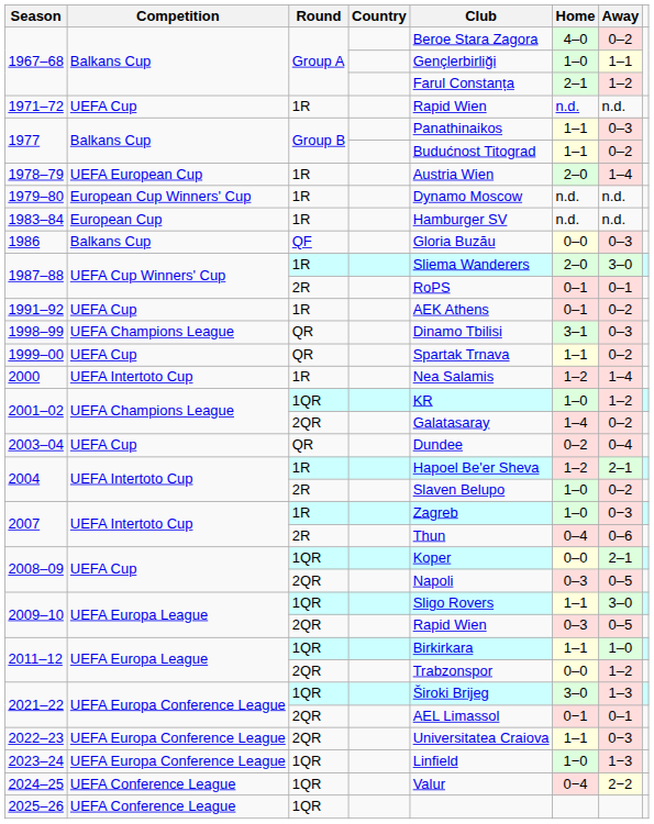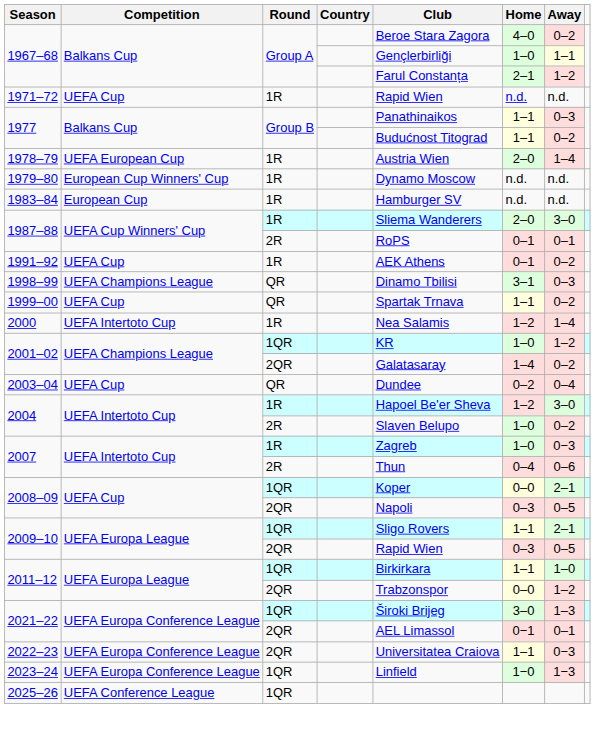 <table class="wikitable">
 <tr>
 <th>Season</th>
 <th>Competition</th>
 <th>Round</th>
 <th>Country</th>
 <th>Club</th>
 <th>Home</th>
 <th>Away</th>
 </tr>
 <tr>
 <td Rowspan=3><a href='#'>1967–68</a></td>
 <td Rowspan=3><a href='#'>Balkans Cup</a></td>
 <td Rowspan=3><a href='#'>Group A</a></td>
 <td></td>
 <td><a href='#'>Beroe Stara Zagora</a></td>
 <td style="text-align:center; background:#dfd;">4–0</td>
 <td style="text-align:center; background:#fdd;">0–2</td>
 <td rowspan=3 style="text-align:center;"> </td>
 </tr>
 <tr>
 <td></td>
 <td><a href='#'>Gençlerbirliği</a></td>
 <td style="text-align:center; background:#dfd;">1–0</td>
 <td style="text-align:center; background:#ffd;">1–1</td>
 </tr>
 <tr>
 <td></td>
 <td><a href='#'>Farul Constanța</a></td>
 <td style="text-align:center; background:#dfd;">2–1</td>
 <td style="text-align:center; background:#fdd;">1–2</td>
 </tr>
 <tr>
 <td><a href='#'>1971–72</a></td>
 <td><a href='#'>UEFA Cup</a></td>
 <td>1R</td>
 <td></td>
 <td><a href='#'>Rapid Wien</a></td>
 <td><a href='#'>n.d.</a></td>
 <td>n.d.</td>
 <td style="text-align:center;"></td>
 </tr>
 <tr>
 <td Rowspan=2><a href='#'>1977</a></td>
 <td Rowspan=2><a href='#'>Balkans Cup</a></td>
 <td Rowspan=2><a href='#'>Group B</a></td>
 <td></td>
 <td><a href='#'>Panathinaikos</a></td>
 <td style="text-align:center; background:#ffd;">1–1</td>
 <td style="text-align:center; background:#fdd;">0–3</td>
 <td rowspan=2 style="text-align:center;"> </td>
 </tr>
 <tr>
 <td></td>
 <td><a href='#'>Budućnost Titograd</a></td>
 <td style="text-align:center; background:#ffd;">1–1</td>
 <td style="text-align:center; background:#fdd;">0–2</td>
 </tr>
 <tr>
 <td><a href='#'>1978–79</a></td>
 <td><a href='#'>UEFA European Cup</a></td>
 <td>1R</td>
 <td></td>
 <td><a href='#'>Austria Wien</a></td>
 <td style="text-align:center; background:#dfd;">2–0</td>
 <td style="text-align:center; background:#fdd;">1–4</td>
 <td style="text-align:center;"></td>
 </tr>
 <tr>
 <td><a href='#'>1979–80</a></td>
 <td><a href='#'>European Cup Winners' Cup</a></td>
 <td>1R</td>
 <td></td>
 <td><a href='#'>Dynamo Moscow</a></td>
 <td>n.d.</td>
 <td>n.d.</td>
 <td style="text-align:center;"></td>
 </tr>
 <tr>
 <td><a href='#'>1983–84</a></td>
 <td><a href='#'>European Cup</a></td>
 <td>1R</td>
 <td></td>
 <td><a href='#'>Hamburger SV</a></td>
 <td>n.d.</td>
 <td>n.d.</td>
-<td style="text-align:center;"></td>
-</tr>
-<tr>
-<td><a href='#'>1986</a></td>
-<td><a href='#'>Balkans Cup</a></td>
-<td><a href='#'>QF</a></td>
-<td></td>
-<td><a href='#'>Gloria Buzău</a></td>
-<td style="text-align:center; background:#ffd;">0–0</td>
-<td style="text-align:center; background:#fdd;">0–3</td>
 <td style="text-align:center;"></td>
 </tr>
 <tr>
 <td Rowspan=2><a href='#'>1987–88</a></td>
 <td Rowspan=2><a href='#'>UEFA Cup Winners' Cup</a></td>
 <td style="background:#cff;">1R</td>
 <td style="background:#cff;"></td>
 <td style="background:#cff;"><a href='#'>Sliema Wanderers</a></td>
 <td style="text-align:center; background:#dfd;">2–0</td>
 <td style="text-align:center; background:#dfd;">3–0</td>
 <td style="background:#cff; text-align:center;"></td>
 </tr>
 <tr>
 <td>2R</td>
 <td></td>
 <td><a href='#'>RoPS</a></td>
 <td style="text-align:center; background:#fdd;">0–1</td>
 <td style="text-align:center; background:#fdd;">0–1</td>
 <td style="text-align:center;"></td>
 </tr>
 <tr>
 <td><a href='#'>1991–92</a></td>
 <td><a href='#'>UEFA Cup</a></td>
 <td>1R</td>
 <td></td>
 <td><a href='#'>AEK Athens</a></td>
 <td style="text-align:center; background:#fdd;">0–1</td>
 <td style="text-align:center; background:#fdd;">0–2</td>
 <td style="text-align:center;"></td>
 </tr>
 <tr>
 <td><a href='#'>1998–99</a></td>
 <td><a href='#'>UEFA Champions League</a></td>
 <td>QR</td>
 <td></td>
 <td><a href='#'>Dinamo Tbilisi</a></td>
 <td style="text-align:center; background:#dfd;">3–1</td>
 <td style="text-align:center; background:#fdd;">0–3</td>
 <td style="text-align:center;"></td>
 </tr>
 <tr>
 <td><a href='#'>1999–00</a></td>
 <td><a href='#'>UEFA Cup</a></td>
 <td>QR</td>
 <td></td>
 <td><a href='#'>Spartak Trnava</a></td>
 <td style="text-align:center; background:#ffd;">1–1</td>
 <td style="text-align:center; background:#fdd;">0–2</td>
 <td style="text-align:center;"></td>
 </tr>
 <tr>
 <td><a href='#'>2000</a></td>
 <td><a href='#'>UEFA Intertoto Cup</a></td>
 <td>1R</td>
 <td></td>
 <td><a href='#'>Nea Salamis</a></td>
 <td style="text-align:center; background:#fdd;">1–2</td>
 <td style="text-align:center; background:#fdd;">1–4</td>
 <td style="text-align:center;"></td>
 </tr>
 <tr>
 <td Rowspan=2><a href='#'>2001–02</a></td>
 <td Rowspan=2><a href='#'>UEFA Champions League</a></td>
 <td style="background:#cff;">1QR</td>
 <td style="background:#cff;"></td>
 <td style="background:#cff;"><a href='#'>KR</a></td>
 <td style="text-align:center; background:#dfd;">1–0</td>
 <td style="text-align:center; background:#fdd;">1–2</td>
 <td style="background:#cff; text-align:center;"></td>
 </tr>
 <tr>
 <td>2QR</td>
 <td></td>
 <td><a href='#'>Galatasaray</a></td>
 <td style="text-align:center; background:#fdd;">1–4</td>
 <td style="text-align:center; background:#fdd;">0–2</td>
 <td style="text-align:center;"></td>
 </tr>
 <tr>
 <td><a href='#'>2003–04</a></td>
 <td><a href='#'>UEFA Cup</a></td>
 <td>QR</td>
 <td></td>
 <td><a href='#'>Dundee</a></td>
 <td style="text-align:center; background:#fdd;">0–2</td>
 <td style="text-align:center; background:#fdd;">0–4</td>
 <td style="text-align:center;"></td>
 </tr>
 <tr>
 <td Rowspan=2><a href='#'>2004</a></td>
 <td Rowspan=2><a href='#'>UEFA Intertoto Cup</a></td>
 <td style="background:#cff;">1R</td>
 <td style="background:#cff;"></td>
 <td style="background:#cff;"><a href='#'>Hapoel Be'er Sheva</a></td>
 <td style="text-align:center; background:#fdd;">1–2</td>
-<td style="text-align:center; background:#dfd;">2–1</td>
+<td style="text-align:center; background:#dfd;">3–0</td>
 <td style="background:#cff; text-align:center;"></td>
 </tr>
 <tr>
 <td>2R</td>
 <td></td>
 <td><a href='#'>Slaven Belupo</a></td>
 <td style="text-align:center; background:#dfd;">1–0</td>
 <td style="text-align:center; background:#fdd;">0–2</td>
 <td style="text-align:center;"></td>
 </tr>
 <tr>
 <td Rowspan=2><a href='#'>2007</a></td>
 <td Rowspan=2><a href='#'>UEFA Intertoto Cup</a></td>
 <td style="background:#cff;">1R</td>
 <td style="background:#cff;"></td>
 <td style="background:#cff;"><a href='#'>Zagreb</a></td>
 <td style="text-align:center; background:#dfd;">1–0</td>
 <td style="text-align:center; background:#fdd;">0−3</td>
 <td style="background:#cff; text-align:center;"></td>
 </tr>
 <tr>
 <td>2R</td>
 <td></td>
 <td><a href='#'>Thun</a></td>
 <td style="text-align:center; background:#fdd;">0–4</td>
 <td style="text-align:center; background:#fdd;">0–6</td>
 <td style="text-align:center;"></td>
 </tr>
 <tr>
 <td Rowspan=2><a href='#'>2008–09</a></td>
 <td Rowspan=2><a href='#'>UEFA Cup</a></td>
 <td style="background:#cff;">1QR</td>
 <td style="background:#cff;"></td>
 <td style="background:#cff;"><a href='#'>Koper</a></td>
 <td style="text-align:center; background:#ffd;">0–0</td>
 <td style="text-align:center; background:#dfd;">2–1</td>
 <td style="background:#cff; text-align:center;"></td>
 </tr>
 <tr>
 <td>2QR</td>
 <td></td>
 <td><a href='#'>Napoli</a></td>
 <td style="text-align:center; background:#fdd;">0–3</td>
 <td style="text-align:center; background:#fdd;">0–5</td>
 <td style="text-align:center;"></td>
 </tr>
 <tr>
 <td Rowspan=2><a href='#'>2009–10</a></td>
 <td Rowspan=2><a href='#'>UEFA Europa League</a></td>
 <td style="background:#cff;">1QR</td>
 <td style="background:#cff;"></td>
 <td style="background:#cff;"><a href='#'>Sligo Rovers</a></td>
 <td style="text-align:center; background:#ffd;">1–1</td>
-<td style="text-align:center; background:#dfd;">3–0</td>
+<td style="text-align:center; background:#dfd;">2–1</td>
 <td style="background:#cff; text-align:center;"></td>
 </tr>
 <tr>
 <td>2QR</td>
 <td></td>
 <td><a href='#'>Rapid Wien</a></td>
 <td style="text-align:center; background:#fdd;">0–3</td>
 <td style="text-align:center; background:#fdd;">0–5</td>
 <td style="text-align:center;"></td>
 </tr>
 <tr>
 <td Rowspan=2><a href='#'>2011–12</a></td>
 <td Rowspan=2><a href='#'>UEFA Europa League</a></td>
 <td style="background:#cff;">1QR</td>
 <td style="background:#cff;"></td>
 <td style="background:#cff;"><a href='#'>Birkirkara</a></td>
 <td style="text-align:center; background:#ffd;">1–1</td>
 <td style="text-align:center; background:#dfd;">1–0</td>
 <td style="background:#cff; text-align:center;"></td>
 </tr>
 <tr>
 <td>2QR</td>
 <td></td>
 <td><a href='#'>Trabzonspor</a></td>
 <td style="text-align:center; background:#ffd;">0–0</td>
 <td style="text-align:center; background:#fdd;">1–2</td>
 <td style="text-align:center;"></td>
 </tr>
 <tr>
 <td Rowspan=2><a href='#'>2021–22</a></td>
 <td Rowspan=2><a href='#'>UEFA Europa Conference League</a></td>
 <td style="background:#cff;">1QR</td>
 <td style="background:#cff;"></td>
 <td style="background:#cff;"><a href='#'>Široki Brijeg</a></td>
 <td style="text-align:center; background:#dfd;">3–0</td>
 <td style="text-align:center; background:#fdd;">1–3</td>
 <td style="background:#cff; text-align:center;"></td>
 </tr>
 <tr>
 <td>2QR</td>
 <td></td>
 <td><a href='#'>AEL Limassol</a></td>
 <td style="text-align:center; background:#fdd;">0−1</td>
 <td style="text-align:center; background:#fdd;">0–1</td>
 <td style="text-align:center;"></td>
 </tr>
 <tr>
 <td><a href='#'>2022–23</a></td>
 <td><a href='#'>UEFA Europa Conference League</a></td>
 <td>2QR</td>
 <td></td>
 <td><a href='#'>Universitatea Craiova</a></td>
 <td style="text-align:center; background:#ffd;">1–1</td>
 <td style="text-align:center; background:#fdd;">0−3</td>
 <td style="text-align:center;"></td>
 </tr>
 <tr>
 <td><a href='#'>2023–24</a></td>
 <td><a href='#'>UEFA Europa Conference League</a></td>
 <td>1QR</td>
 <td></td>
 <td><a href='#'>Linfield</a></td>
 <td style="text-align:center; background:#dfd;">1−0</td>
 <td style="text-align:center; background:#fdd;">1−3</td>
 <td style="text-align:center;"></td>
 </tr>
 <tr>
-<td><a href='#'>2024–25</a></td>
-<td><a href='#'>UEFA Conference League</a></td>
-<td>1QR</td>
-<td></td>
-<td><a href='#'>Valur</a></td>
-<td style="text-align:center; background:#fdd;">0−4</td>
-<td style="text-align:center; background:#ffd;">2−2</td>
-<td style="text-align:center;"></td>
-</tr>
-<tr>
 <td><a href='#'>2025–26</a></td>
 <td><a href='#'>UEFA Conference League</a></td>
 <td>1QR</td>
 <td></td>
 <td></td>
 <td style="text-align:center;"></td>
 <td style="text-align:center;"></td>
 <td style="text-align:center;"></td>
 </tr>
 </table>
